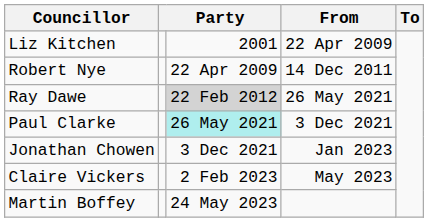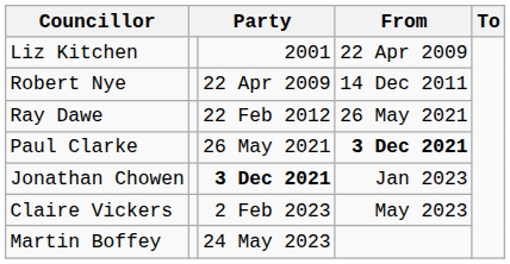 <table class=wikitable>
 <tr>
 <th>Councillor</th>
 <th colspan=2>Party</th>
 <th>From</th>
 <th>To</th>
 </tr>
 <tr>
 <td>Liz Kitchen</td>
 <td></td>
 <td align="right">2001</td>
 <td align="right">22 Apr 2009</td>
 </tr>
 <tr>
 <td>Robert Nye</td>
 <td></td>
 <td align="right">22 Apr 2009</td>
 <td align="right">14 Dec 2011</td>
 </tr>
 <tr>
 <td>Ray Dawe</td>
 <td></td>
-<td align=right style="background: lightgrey;">22 Feb 2012</td>
+<td align=right>22 Feb 2012</td>
 <td align=right>26 May 2021</td>
 </tr>
 <tr>
 <td>Paul Clarke</td>
 <td></td>
-<td align=right style="background: paleturquoise;">26 May 2021</td>
-<td align=right>3 Dec 2021</td>
+<td align=right>26 May 2021</td>
+<td align=right><strong>3 Dec 2021</strong></td>
 </tr>
 <tr>
 <td>Jonathan Chowen</td>
 <td></td>
-<td align=right>3 Dec 2021</td>
+<td align=right><strong>3 Dec 2021</strong></td>
 <td align=right>Jan 2023</td>
 </tr>
 <tr>
 <td>Claire Vickers</td>
 <td></td>
 <td align=right>2 Feb 2023</td>
 <td align=right>May 2023</td>
 </tr>
 <tr>
 <td>Martin Boffey</td>
 <td></td>
 <td align=right>24 May 2023</td>
 <td></td>
 </tr>
 </table>
